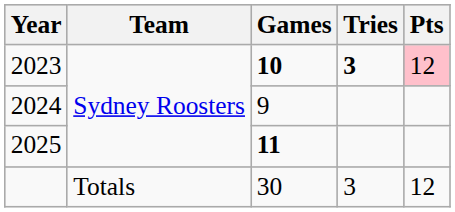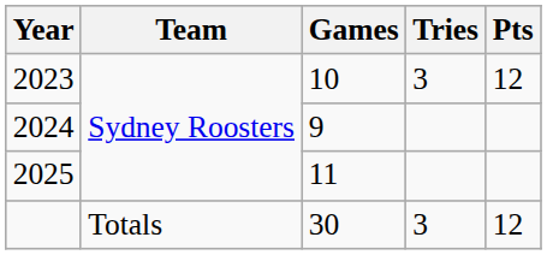 <table class="wikitable">
 <tr>
 <th>Year</th>
 <th>Team</th>
 <th>Games</th>
 <th>Tries</th>
 <th>Pts</th>
 </tr>
 <tr>
 <td>2023</td>
 <td rowspan="3"> <a href='#'>Sydney Roosters</a></td>
-<td><strong>10</strong></td>
-<td><strong>3</strong></td>
-<td style="background: pink;">12</td>
+<td>10</td>
+<td>3</td>
+<td>12</td>
 </tr>
 <tr>
 <td>2024</td>
 <td>9</td>
 <td></td>
 <td></td>
 </tr>
 <tr>
 <td>2025</td>
-<td><strong>11</strong></td>
+<td>11</td>
 <td></td>
 <td></td>
 </tr>
 <tr>
 <td></td>
 <td>Totals</td>
 <td>30</td>
 <td>3</td>
 <td>12</td>
 </tr>
 </table>
